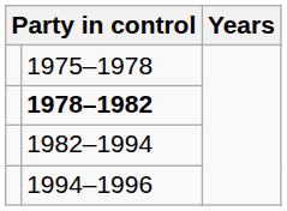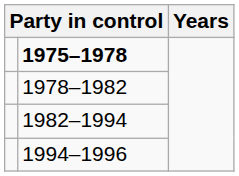 <table class="wikitable">
 <tr>
 <th colspan="2">Party in control</th>
 <th>Years</th>
 </tr>
 <tr>
 <td></td>
-<td>1975–1978</td>
+<td><strong>1975–1978</strong></td>
 </tr>
 <tr>
 <td></td>
-<td><strong>1978–1982</strong></td>
+<td>1978–1982</td>
 </tr>
 <tr>
 <td></td>
 <td>1982–1994</td>
 </tr>
 <tr>
 <td></td>
 <td>1994–1996</td>
 </tr>
 </table>
